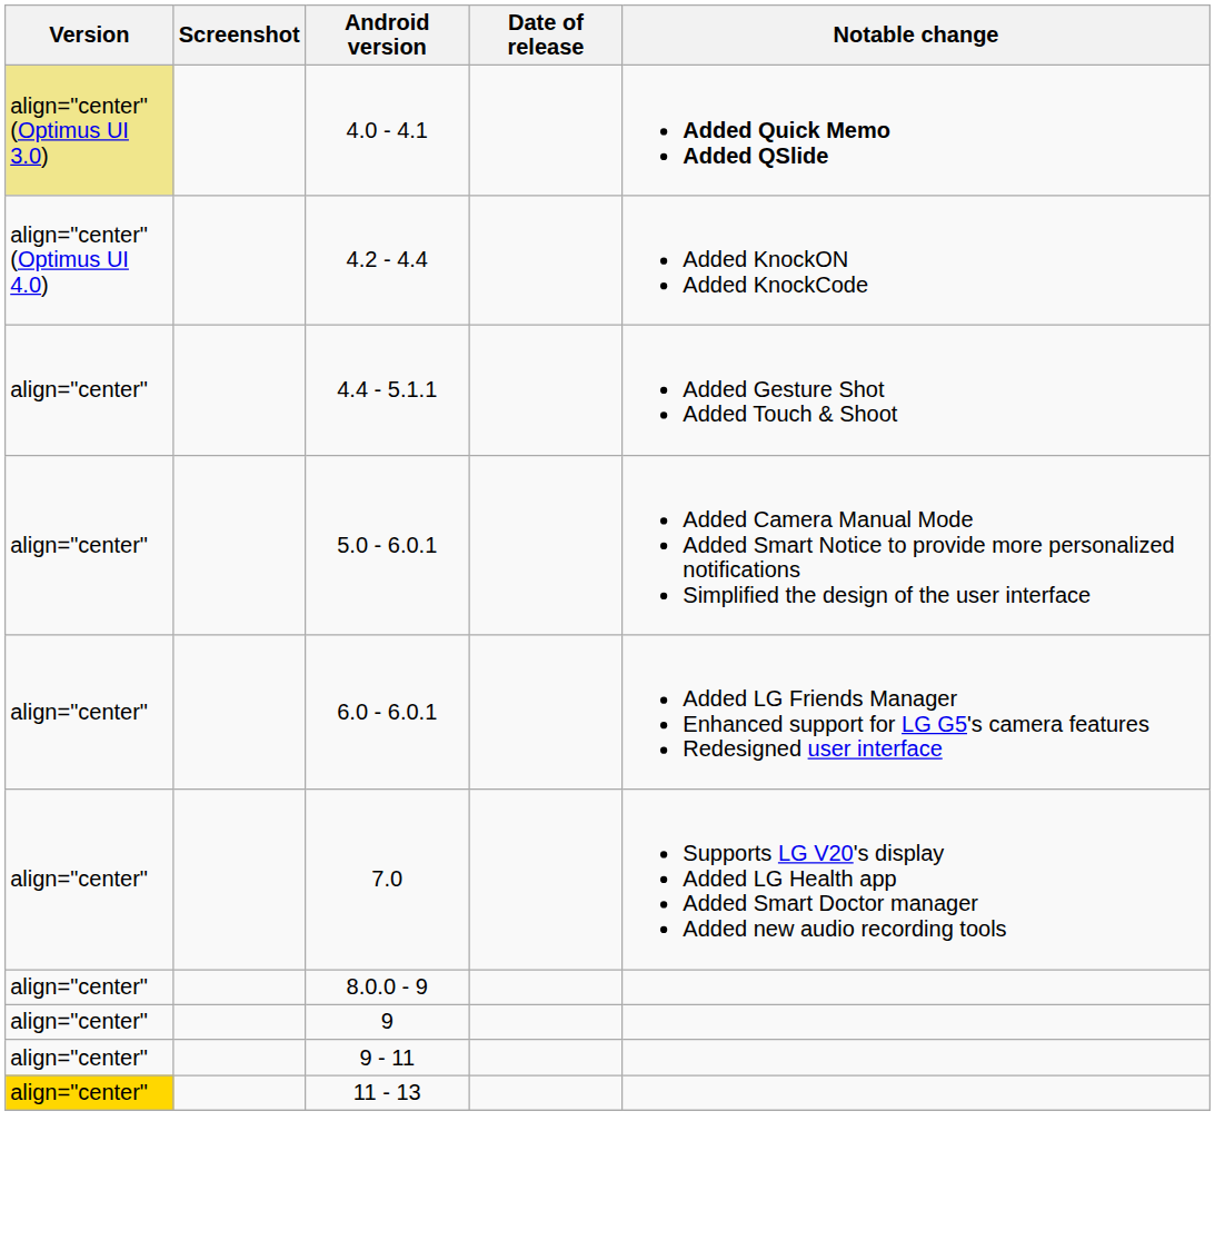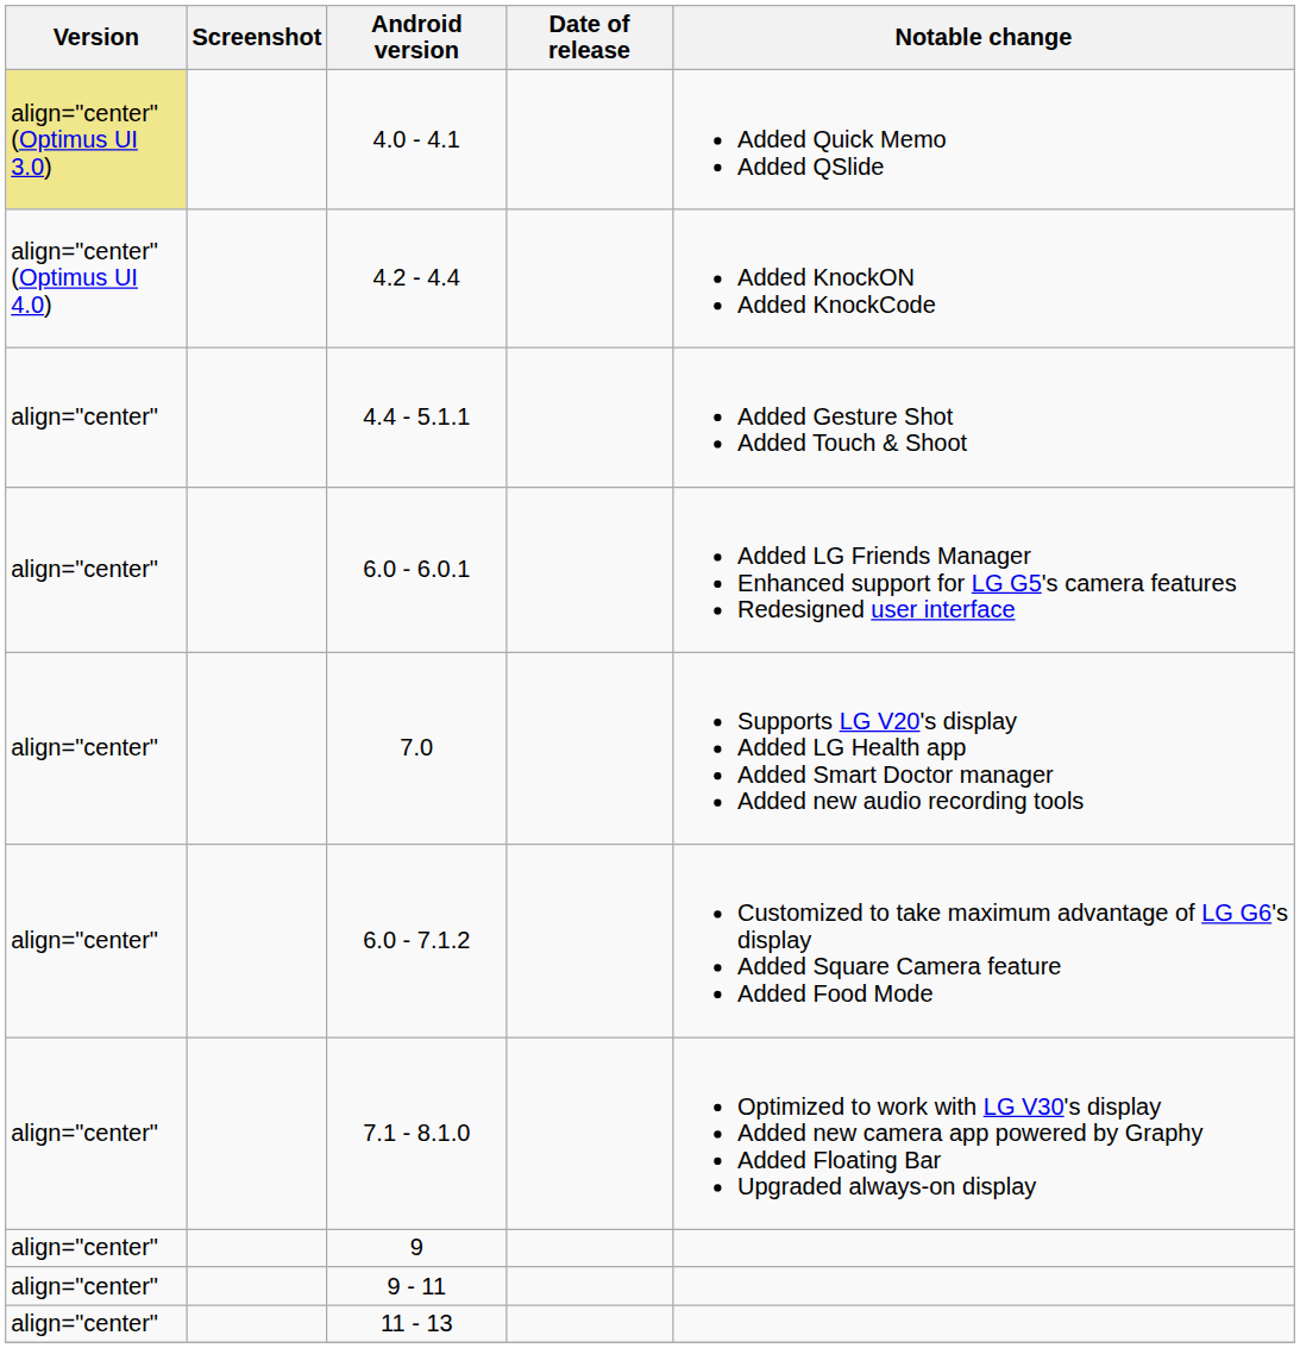 <table class="wikitable sortable mw-collapsible mw-no-collapsible">
 <tr>
 <th>Version</th>
 <th>Screenshot</th>
 <th>Android version</th>
 <th>Date of release</th>
 <th>Notable change</th>
 </tr>
 <tr>
 <td style="background: khaki;">align="center" <br>(<a href='#'>Optimus UI 3.0</a>)</td>
 <td><div></div></td>
 <td style="text-align: center;">4.0 - 4.1<br></td>
 <td></td>
-<td><strong><br><ul><li>Added Quick Memo</li><li>Added QSlide</li></ul></strong></td>
+<td><br><ul><li>Added Quick Memo</li><li>Added QSlide</li></ul></td>
 </tr>
 <tr>
 <td>align="center" <br>(<a href='#'>Optimus UI 4.0</a>)</td>
 <td><div></div></td>
 <td style="text-align: center;">4.2 - 4.4 <br></td>
 <td></td>
 <td><br><ul><li>Added KnockON</li><li>Added KnockCode</li></ul></td>
 </tr>
 <tr>
 <td>align="center" </td>
 <td><div></div></td>
 <td style="text-align: center;">4.4 - 5.1.1</td>
 <td></td>
 <td><br><ul><li>Added Gesture Shot</li><li>Added Touch & Shoot</li></ul></td>
-</tr>
-<tr>
-<td>align="center" </td>
-<td></td>
-<td style="text-align: center;">5.0 - 6.0.1</td>
-<td></td>
-<td><br><ul><li>Added Camera Manual Mode</li><li>Added Smart Notice to provide more personalized notifications</li><li>Simplified the design of the user interface</li></ul></td>
 </tr>
 <tr>
 <td>align="center" </td>
 <td><div></div></td>
 <td style="text-align: center;">6.0 - 6.0.1</td>
 <td></td>
 <td><br><ul><li>Added LG Friends Manager</li><li>Enhanced support for <a href='#'>LG G5</a>'s camera features</li><li>Redesigned <a href='#'>user interface</a></li></ul></td>
 </tr>
 <tr>
 <td>align="center" </td>
 <td><div></div></td>
 <td style="text-align: center;">7.0</td>
 <td></td>
 <td><br><ul><li>Supports <a href='#'>LG V20</a>'s display</li><li>Added LG Health app</li><li>Added Smart Doctor manager</li><li>Added new audio recording tools</li></ul></td>
 </tr>
 <tr>
 <td>align="center" </td>
 <td><div></div></td>
-<td style="text-align: center;">8.0.0 - 9</td>
+<td style="text-align: center;">6.0 - 7.1.2</td>
 <td></td>
+<td><br><ul><li>Customized to take maximum advantage of <a href='#'>LG G6</a>'s display</li><li>Added Square Camera feature</li><li>Added Food Mode</li></ul></td>
+</tr>
+<tr>
+<td>align="center" </td>
+<td><div></div></td>
+<td style="text-align: center;">7.1 - 8.1.0</td>
 <td></td>
+<td><br><ul><li>Optimized to work with <a href='#'>LG V30</a>'s display</li><li>Added new camera app powered by Graphy</li><li>Added Floating Bar</li><li>Upgraded always-on display</li></ul></td>
 </tr>
 <tr>
 <td>align="center" </td>
 <td><div></div></td>
 <td style="text-align: center;">9</td>
 <td></td>
 <td></td>
 </tr>
 <tr>
 <td>align="center" </td>
 <td><div></div></td>
 <td style="text-align: center;">9 - 11</td>
 <td></td>
 <td></td>
 </tr>
 <tr>
-<td style="background: gold;">align="center" </td>
+<td>align="center" </td>
 <td><div></div></td>
 <td style="text-align: center;">11 - 13</td>
 <td></td>
 <td></td>
 </tr>
 <tr>
 </tr>
 </table>
